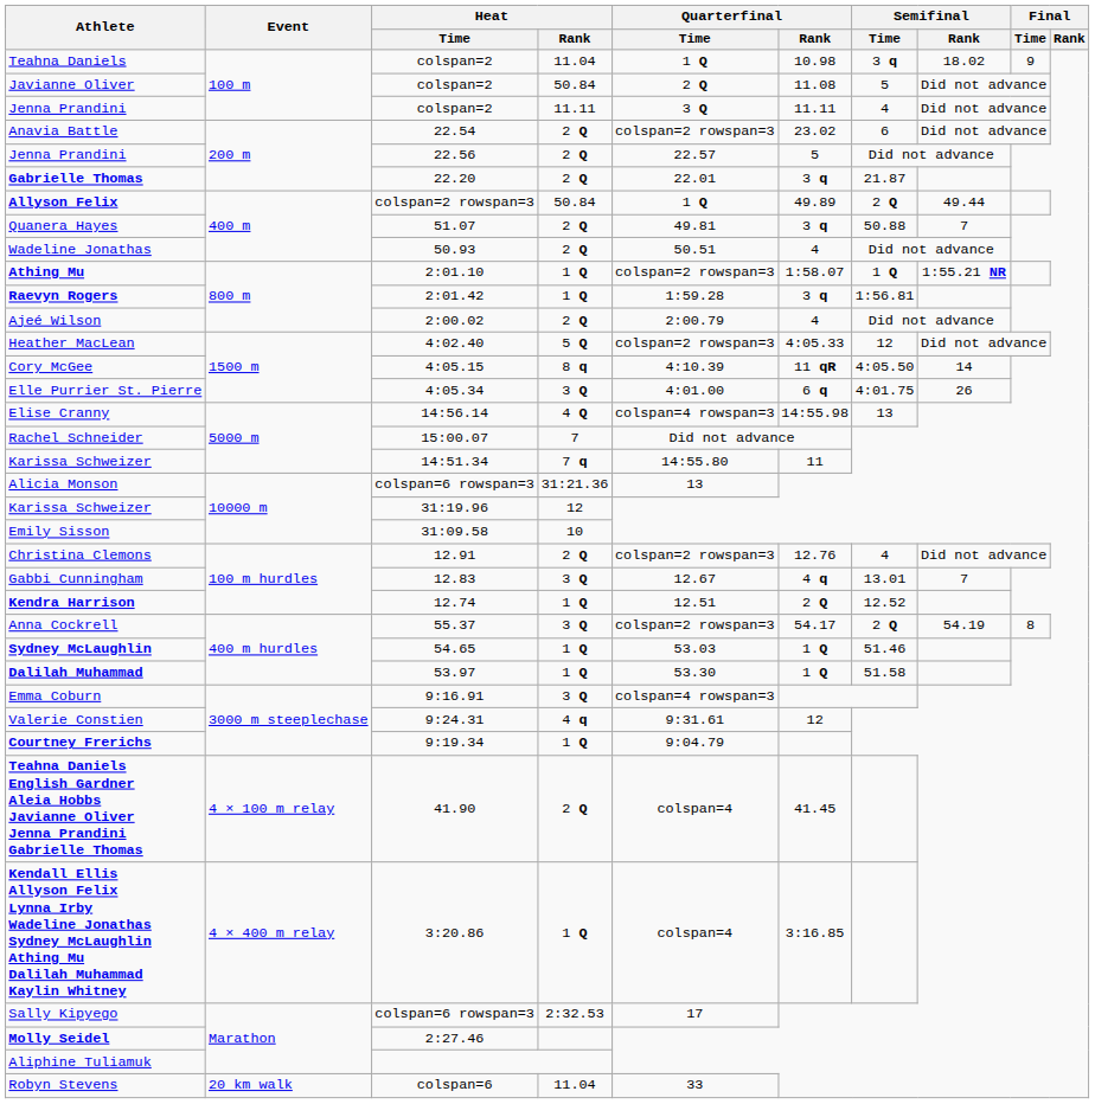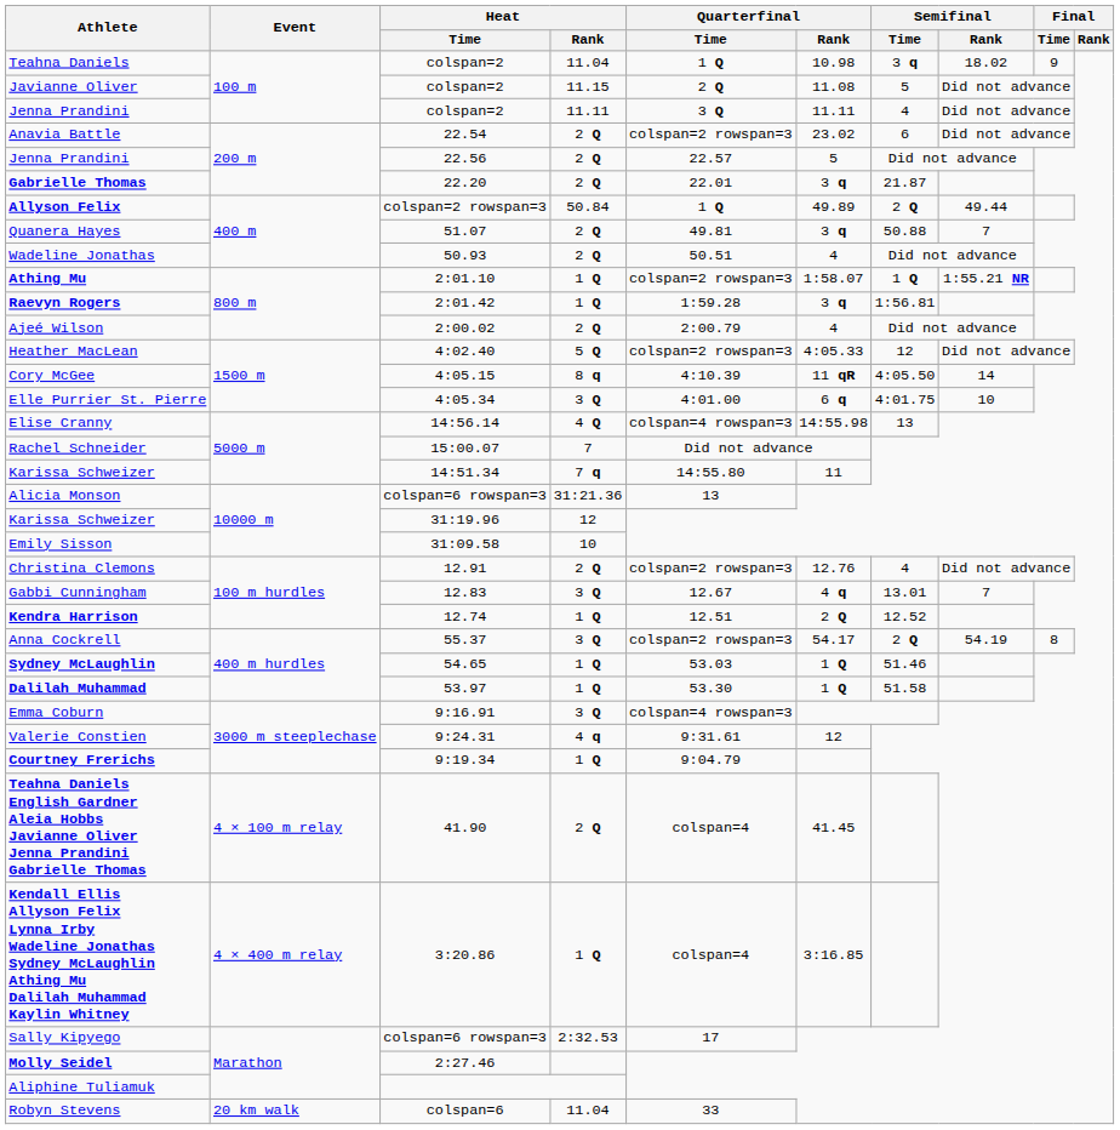 <table class=wikitable style=font-size:90%;text-align:center>
 <tr>
 <th rowspan=2>Athlete</th>
 <th rowspan=2>Event</th>
 <th colspan=2>Heat</th>
 <th colspan=2>Quarterfinal</th>
 <th colspan=2>Semifinal</th>
 <th colspan=2>Final</th>
 </tr>
 <tr style=font-size:95%>
 <th>Time</th>
 <th>Rank</th>
 <th>Time</th>
 <th>Rank</th>
 <th>Time</th>
 <th>Rank</th>
 <th>Time</th>
 <th>Rank</th>
 </tr>
 <tr>
 <td align=left><a href='#'>Teahna Daniels</a></td>
 <td align=left rowspan=3><a href='#'>100 m</a></td>
 <td>colspan=2 </td>
 <td>11.04</td>
 <td>1 <strong>Q</strong></td>
 <td>10.98</td>
 <td>3 <strong>q</strong></td>
 <td>18.02</td>
 <td>9</td>
 </tr>
 <tr>
 <td align=left><a href='#'>Javianne Oliver</a></td>
 <td>colspan=2 </td>
-<td>50.84</td>
+<td>11.15</td>
 <td>2 <strong>Q</strong></td>
 <td>11.08</td>
 <td>5</td>
 <td colspan=2>Did not advance</td>
 </tr>
 <tr>
 <td align=left><a href='#'>Jenna Prandini</a></td>
 <td>colspan=2 </td>
 <td>11.11</td>
 <td>3 <strong>Q</strong></td>
 <td>11.11</td>
 <td>4</td>
 <td colspan=2>Did not advance</td>
 </tr>
 <tr>
 <td align=left><a href='#'>Anavia Battle</a></td>
 <td align=left rowspan=3><a href='#'>200 m</a></td>
 <td>22.54</td>
 <td>2 <strong>Q</strong></td>
 <td>colspan=2 rowspan=3 </td>
 <td>23.02</td>
 <td>6</td>
 <td colspan=2>Did not advance</td>
 </tr>
 <tr>
 <td align=left><a href='#'>Jenna Prandini</a></td>
 <td>22.56</td>
 <td>2 <strong>Q</strong></td>
 <td>22.57</td>
 <td>5</td>
 <td colspan=2>Did not advance</td>
 </tr>
 <tr>
 <td align=left><strong><a href='#'>Gabrielle Thomas</a></strong></td>
 <td>22.20</td>
 <td>2 <strong>Q</strong></td>
 <td>22.01</td>
 <td>3 <strong>q</strong></td>
 <td>21.87</td>
 <td></td>
 </tr>
 <tr>
 <td align=left><strong><a href='#'>Allyson Felix</a></strong></td>
 <td align=left rowspan=3><a href='#'>400 m</a></td>
 <td>colspan=2 rowspan=3 </td>
 <td>50.84</td>
 <td>1 <strong>Q</strong></td>
 <td>49.89</td>
 <td>2 <strong>Q</strong></td>
 <td>49.44</td>
 <td></td>
 </tr>
 <tr>
 <td align=left><a href='#'>Quanera Hayes</a></td>
 <td>51.07</td>
 <td>2 <strong>Q</strong></td>
 <td>49.81</td>
 <td>3 <strong>q</strong></td>
 <td>50.88</td>
 <td>7</td>
 </tr>
 <tr>
 <td align=left><a href='#'>Wadeline Jonathas</a></td>
 <td>50.93</td>
 <td>2 <strong>Q</strong></td>
 <td>50.51</td>
 <td>4</td>
 <td colspan=2>Did not advance</td>
 </tr>
 <tr>
 <td align=left><strong><a href='#'>Athing Mu</a></strong></td>
 <td align=left rowspan=3><a href='#'>800 m</a></td>
 <td>2:01.10</td>
 <td>1 <strong>Q</strong></td>
 <td>colspan=2 rowspan=3 </td>
 <td>1:58.07</td>
 <td>1 <strong>Q</strong></td>
 <td>1:55.21 <strong><a href='#'>NR</a></strong></td>
 <td></td>
 </tr>
 <tr>
 <td align=left><strong><a href='#'>Raevyn Rogers</a></strong></td>
 <td>2:01.42</td>
 <td>1 <strong>Q</strong></td>
 <td>1:59.28</td>
 <td>3 <strong>q</strong></td>
 <td>1:56.81</td>
 <td></td>
 </tr>
 <tr>
 <td align=left><a href='#'>Ajeé Wilson</a></td>
 <td>2:00.02</td>
 <td>2 <strong>Q</strong></td>
 <td>2:00.79</td>
 <td>4</td>
 <td colspan=2>Did not advance</td>
 </tr>
 <tr>
 <td align=left><a href='#'>Heather MacLean</a></td>
 <td align=left rowspan=3><a href='#'>1500 m</a></td>
 <td>4:02.40</td>
 <td>5 <strong>Q</strong></td>
 <td>colspan=2 rowspan=3 </td>
 <td>4:05.33</td>
 <td>12</td>
 <td colspan=2>Did not advance</td>
 </tr>
 <tr>
 <td align=left><a href='#'>Cory McGee</a></td>
 <td>4:05.15</td>
 <td>8 <strong>q</strong></td>
 <td>4:10.39</td>
 <td>11 <strong>qR</strong></td>
 <td>4:05.50</td>
 <td>14</td>
 </tr>
 <tr>
 <td align=left><a href='#'>Elle Purrier St. Pierre</a></td>
 <td>4:05.34</td>
 <td>3 <strong>Q</strong></td>
 <td>4:01.00</td>
 <td>6 <strong>q</strong></td>
 <td>4:01.75</td>
-<td>26</td>
+<td>10</td>
 </tr>
 <tr>
 <td align=left><a href='#'>Elise Cranny</a></td>
 <td align=left rowspan=3><a href='#'>5000 m</a></td>
 <td>14:56.14</td>
 <td>4 <strong>Q</strong></td>
 <td>colspan=4 rowspan=3 </td>
 <td>14:55.98</td>
 <td>13</td>
 </tr>
 <tr>
 <td align=left><a href='#'>Rachel Schneider</a></td>
 <td>15:00.07</td>
 <td>7</td>
 <td colspan=2>Did not advance</td>
 </tr>
 <tr>
 <td align=left><a href='#'>Karissa Schweizer</a></td>
 <td>14:51.34</td>
 <td>7 <strong>q</strong></td>
 <td>14:55.80</td>
 <td>11</td>
 </tr>
 <tr>
 <td align=left><a href='#'>Alicia Monson</a></td>
 <td align=left rowspan=3><a href='#'>10000 m</a></td>
 <td>colspan=6 rowspan=3 </td>
 <td>31:21.36</td>
 <td>13</td>
 </tr>
 <tr>
 <td align=left><a href='#'>Karissa Schweizer</a></td>
 <td>31:19.96</td>
 <td>12</td>
 </tr>
 <tr>
 <td align=left><a href='#'>Emily Sisson</a></td>
 <td>31:09.58</td>
 <td>10</td>
 </tr>
 <tr>
 <td align=left><a href='#'>Christina Clemons</a></td>
 <td align=left rowspan=3><a href='#'>100 m hurdles</a></td>
 <td>12.91</td>
 <td>2 <strong>Q</strong></td>
 <td>colspan=2 rowspan=3 </td>
 <td>12.76</td>
 <td>4</td>
 <td colspan=2>Did not advance</td>
 </tr>
 <tr>
 <td align=left><a href='#'>Gabbi Cunningham</a></td>
 <td>12.83</td>
 <td>3 <strong>Q</strong></td>
 <td>12.67</td>
 <td>4 <strong>q</strong></td>
 <td>13.01</td>
 <td>7</td>
 </tr>
 <tr>
 <td align=left><strong><a href='#'>Kendra Harrison</a></strong></td>
 <td>12.74</td>
 <td>1 <strong>Q</strong></td>
 <td>12.51</td>
 <td>2 <strong>Q</strong></td>
 <td>12.52</td>
 <td></td>
 </tr>
 <tr>
 <td align=left><a href='#'>Anna Cockrell</a></td>
 <td align=left rowspan=3><a href='#'>400 m hurdles</a></td>
 <td>55.37</td>
 <td>3 <strong>Q</strong></td>
 <td>colspan=2 rowspan=3 </td>
 <td>54.17</td>
 <td>2 <strong>Q</strong></td>
 <td>54.19</td>
 <td>8</td>
 </tr>
 <tr>
 <td align=left><strong><a href='#'>Sydney McLaughlin</a></strong></td>
 <td>54.65</td>
 <td>1 <strong>Q</strong></td>
 <td>53.03</td>
 <td>1 <strong>Q</strong></td>
 <td>51.46 </td>
 <td></td>
 </tr>
 <tr>
 <td align=left><strong><a href='#'>Dalilah Muhammad</a></strong></td>
 <td>53.97</td>
 <td>1 <strong>Q</strong></td>
 <td>53.30</td>
 <td>1 <strong>Q</strong></td>
 <td>51.58</td>
 <td></td>
 </tr>
 <tr>
 <td align=left><a href='#'>Emma Coburn</a></td>
 <td align=left rowspan=3><a href='#'>3000 m steeplechase</a></td>
 <td>9:16.91</td>
 <td>3 <strong>Q</strong></td>
 <td>colspan=4 rowspan=3 </td>
 <td colspan=2></td>
 </tr>
 <tr>
 <td align=left><a href='#'>Valerie Constien</a></td>
 <td>9:24.31</td>
 <td>4 <strong>q</strong></td>
 <td>9:31.61</td>
 <td>12</td>
 </tr>
 <tr>
 <td align=left><strong><a href='#'>Courtney Frerichs</a></strong></td>
 <td>9:19.34</td>
 <td>1 <strong>Q</strong></td>
 <td>9:04.79</td>
 <td></td>
 </tr>
 <tr>
 <td align=left><strong><a href='#'>Teahna Daniels</a><br><a href='#'>English Gardner</a><br><a href='#'>Aleia Hobbs</a><br><a href='#'>Javianne Oliver</a><br><a href='#'>Jenna Prandini</a><br><a href='#'>Gabrielle Thomas</a></strong></td>
 <td align=left><a href='#'>4 × 100 m relay</a></td>
 <td>41.90</td>
 <td>2 <strong>Q</strong></td>
 <td>colspan=4 </td>
 <td>41.45</td>
 <td></td>
 </tr>
 <tr>
 <td align=left><strong><a href='#'>Kendall Ellis</a><br><a href='#'>Allyson Felix</a><br><a href='#'>Lynna Irby</a><br><a href='#'>Wadeline Jonathas</a><br><a href='#'>Sydney McLaughlin</a><br><a href='#'>Athing Mu</a><br><a href='#'>Dalilah Muhammad</a><br><a href='#'>Kaylin Whitney</a></strong></td>
 <td align=left><a href='#'>4 × 400 m relay</a></td>
 <td>3:20.86</td>
 <td>1 <strong>Q</strong></td>
 <td>colspan=4 </td>
 <td>3:16.85</td>
 <td></td>
 </tr>
 <tr>
 <td align=left><a href='#'>Sally Kipyego</a></td>
 <td align=left rowspan=3><a href='#'>Marathon</a></td>
 <td>colspan=6 rowspan=3 </td>
 <td>2:32.53</td>
 <td>17</td>
 </tr>
 <tr>
 <td align=left><strong><a href='#'>Molly Seidel</a></strong></td>
 <td>2:27.46</td>
 <td></td>
 </tr>
 <tr>
 <td align=left><a href='#'>Aliphine Tuliamuk</a></td>
 <td colspan=2></td>
 </tr>
 <tr>
 <td align=left><a href='#'>Robyn Stevens</a></td>
 <td align=left><a href='#'>20 km walk</a></td>
 <td>colspan=6 </td>
 <td>11.04</td>
 <td>33</td>
 </tr>
 </table>
